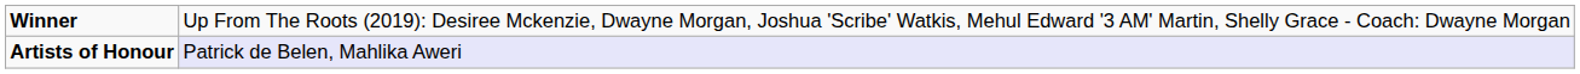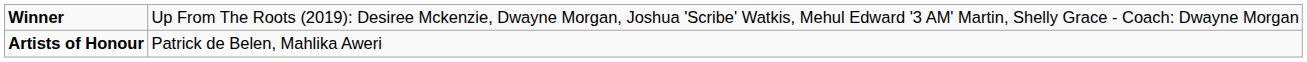 <table class="wikitable">
 <tr>
 <td><strong>Winner</strong></td>
 <td>Up From The Roots (2019): Desiree Mckenzie, Dwayne Morgan, Joshua 'Scribe' Watkis, Mehul Edward '3 AM' Martin, Shelly Grace - Coach: Dwayne Morgan</td>
 </tr>
 <tr>
 <td><strong>Artists of Honour</strong></td>
-<td style="background: lavender;">Patrick de Belen, Mahlika Aweri</td>
+<td>Patrick de Belen, Mahlika Aweri</td>
 </tr>
 </table>
